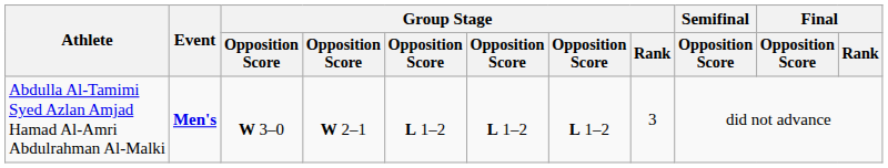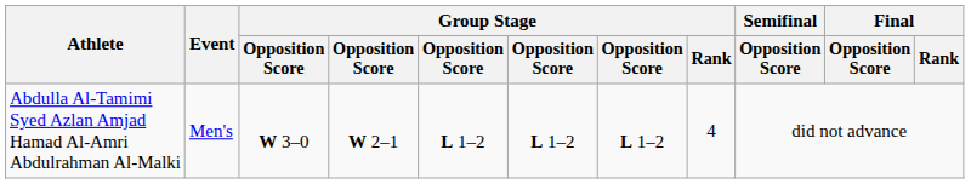 <table class=wikitable style=font-size:90%;text-align:center>
 <tr>
 <th rowspan="2">Athlete</th>
 <th rowspan="2">Event</th>
 <th colspan="6">Group Stage</th>
 <th>Semifinal</th>
 <th colspan="2">Final</th>
 </tr>
 <tr style="font-size:95%">
 <th>Opposition<br>Score</th>
 <th>Opposition<br>Score</th>
 <th>Opposition<br>Score</th>
 <th>Opposition<br>Score</th>
 <th>Opposition<br>Score</th>
 <th>Rank</th>
 <th>Opposition<br>Score</th>
 <th>Opposition<br>Score</th>
 <th>Rank</th>
 </tr>
 <tr>
 <td align=left><a href='#'>Abdulla Al-Tamimi</a><br><a href='#'>Syed Azlan Amjad</a><br>Hamad Al-Amri<br>Abdulrahman Al-Malki</td>
-<td align=left><strong><a href='#'>Men's</a></strong></td>
+<td align=left><a href='#'>Men's</a></td>
 <td><br><strong>W</strong> 3–0</td>
 <td><br><strong>W</strong> 2–1</td>
 <td><br><strong>L</strong> 1–2</td>
 <td><br><strong>L</strong> 1–2</td>
 <td><br><strong>L</strong> 1–2</td>
-<td>3</td>
+<td>4</td>
 <td colspan=3>did not advance</td>
 </tr>
 </table>
